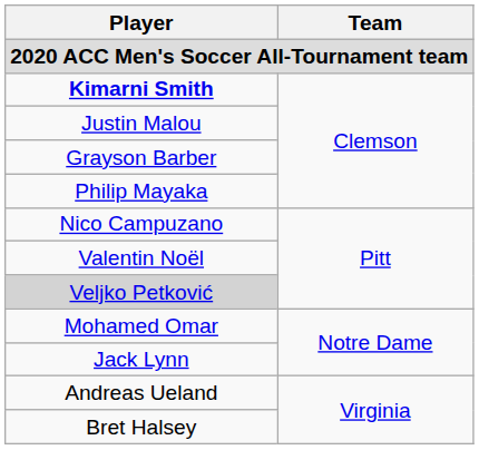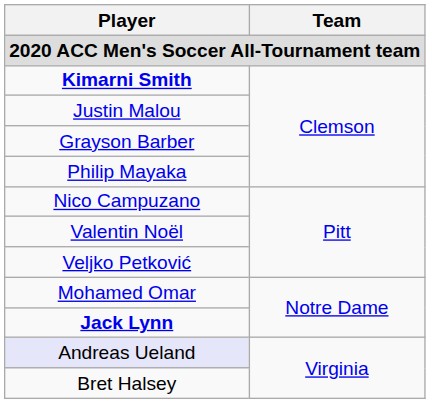 <table class="wikitable" style="white-space:nowrap; font-size:90%; text-align: center;">
 <tr>
 <th>Player</th>
 <th>Team</th>
 </tr>
 <tr>
 <td colspan="2" style="text-align:center; background:#ddd;"><strong>2020 ACC Men's Soccer All-Tournament team</strong></td>
 </tr>
 <tr>
 <td><strong><a href='#'>Kimarni Smith</a></strong></td>
 <td rowspan=4><a href='#'>Clemson</a></td>
 </tr>
 <tr>
 <td><a href='#'>Justin Malou</a></td>
 </tr>
 <tr>
 <td><a href='#'>Grayson Barber</a></td>
 </tr>
 <tr>
 <td><a href='#'>Philip Mayaka</a></td>
 </tr>
 <tr>
 <td><a href='#'>Nico Campuzano</a></td>
 <td rowspan=3><a href='#'>Pitt</a></td>
 </tr>
 <tr>
 <td><a href='#'>Valentin Noël</a></td>
 </tr>
 <tr>
-<td style="background: lightgrey;"><a href='#'>Veljko Petković</a></td>
+<td><a href='#'>Veljko Petković</a></td>
 </tr>
 <tr>
 <td><a href='#'>Mohamed Omar</a></td>
 <td rowspan=2><a href='#'>Notre Dame</a></td>
 </tr>
 <tr>
-<td><a href='#'>Jack Lynn</a></td>
+<td><strong><a href='#'>Jack Lynn</a></strong></td>
 </tr>
 <tr>
-<td>Andreas Ueland</td>
+<td style="background: lavender;">Andreas Ueland</td>
 <td rowspan=2><a href='#'>Virginia</a></td>
 </tr>
 <tr>
 <td>Bret Halsey</td>
 </tr>
 </table>
